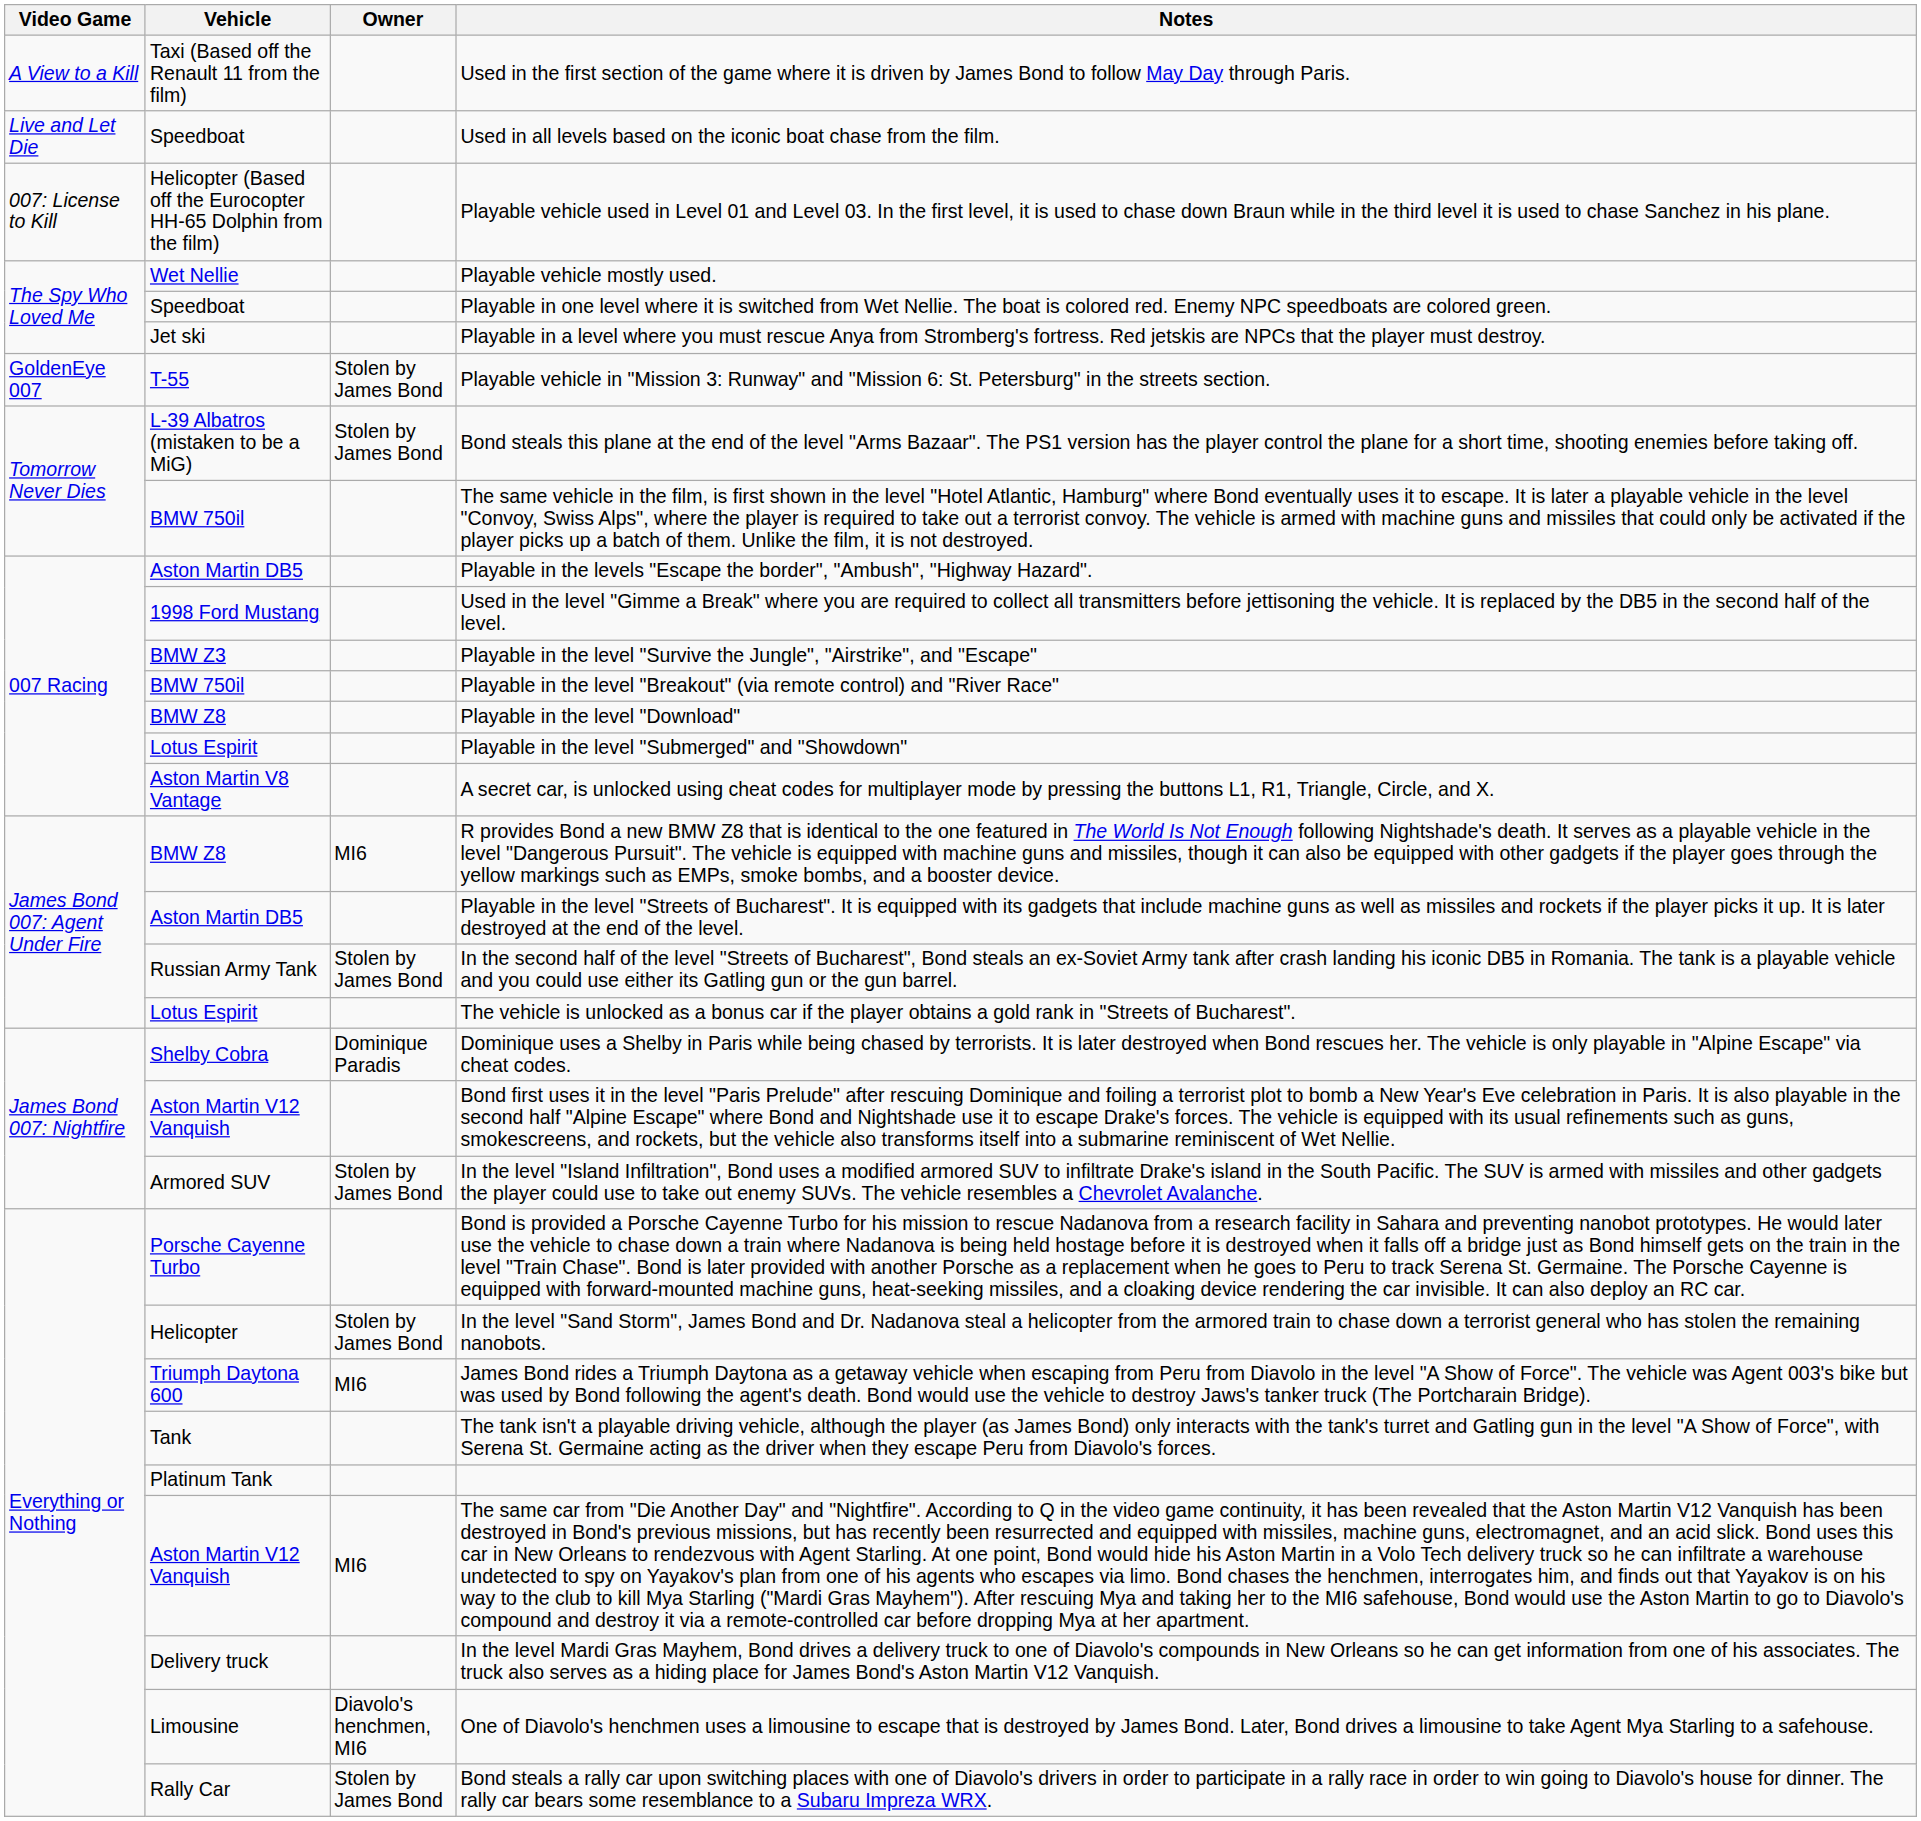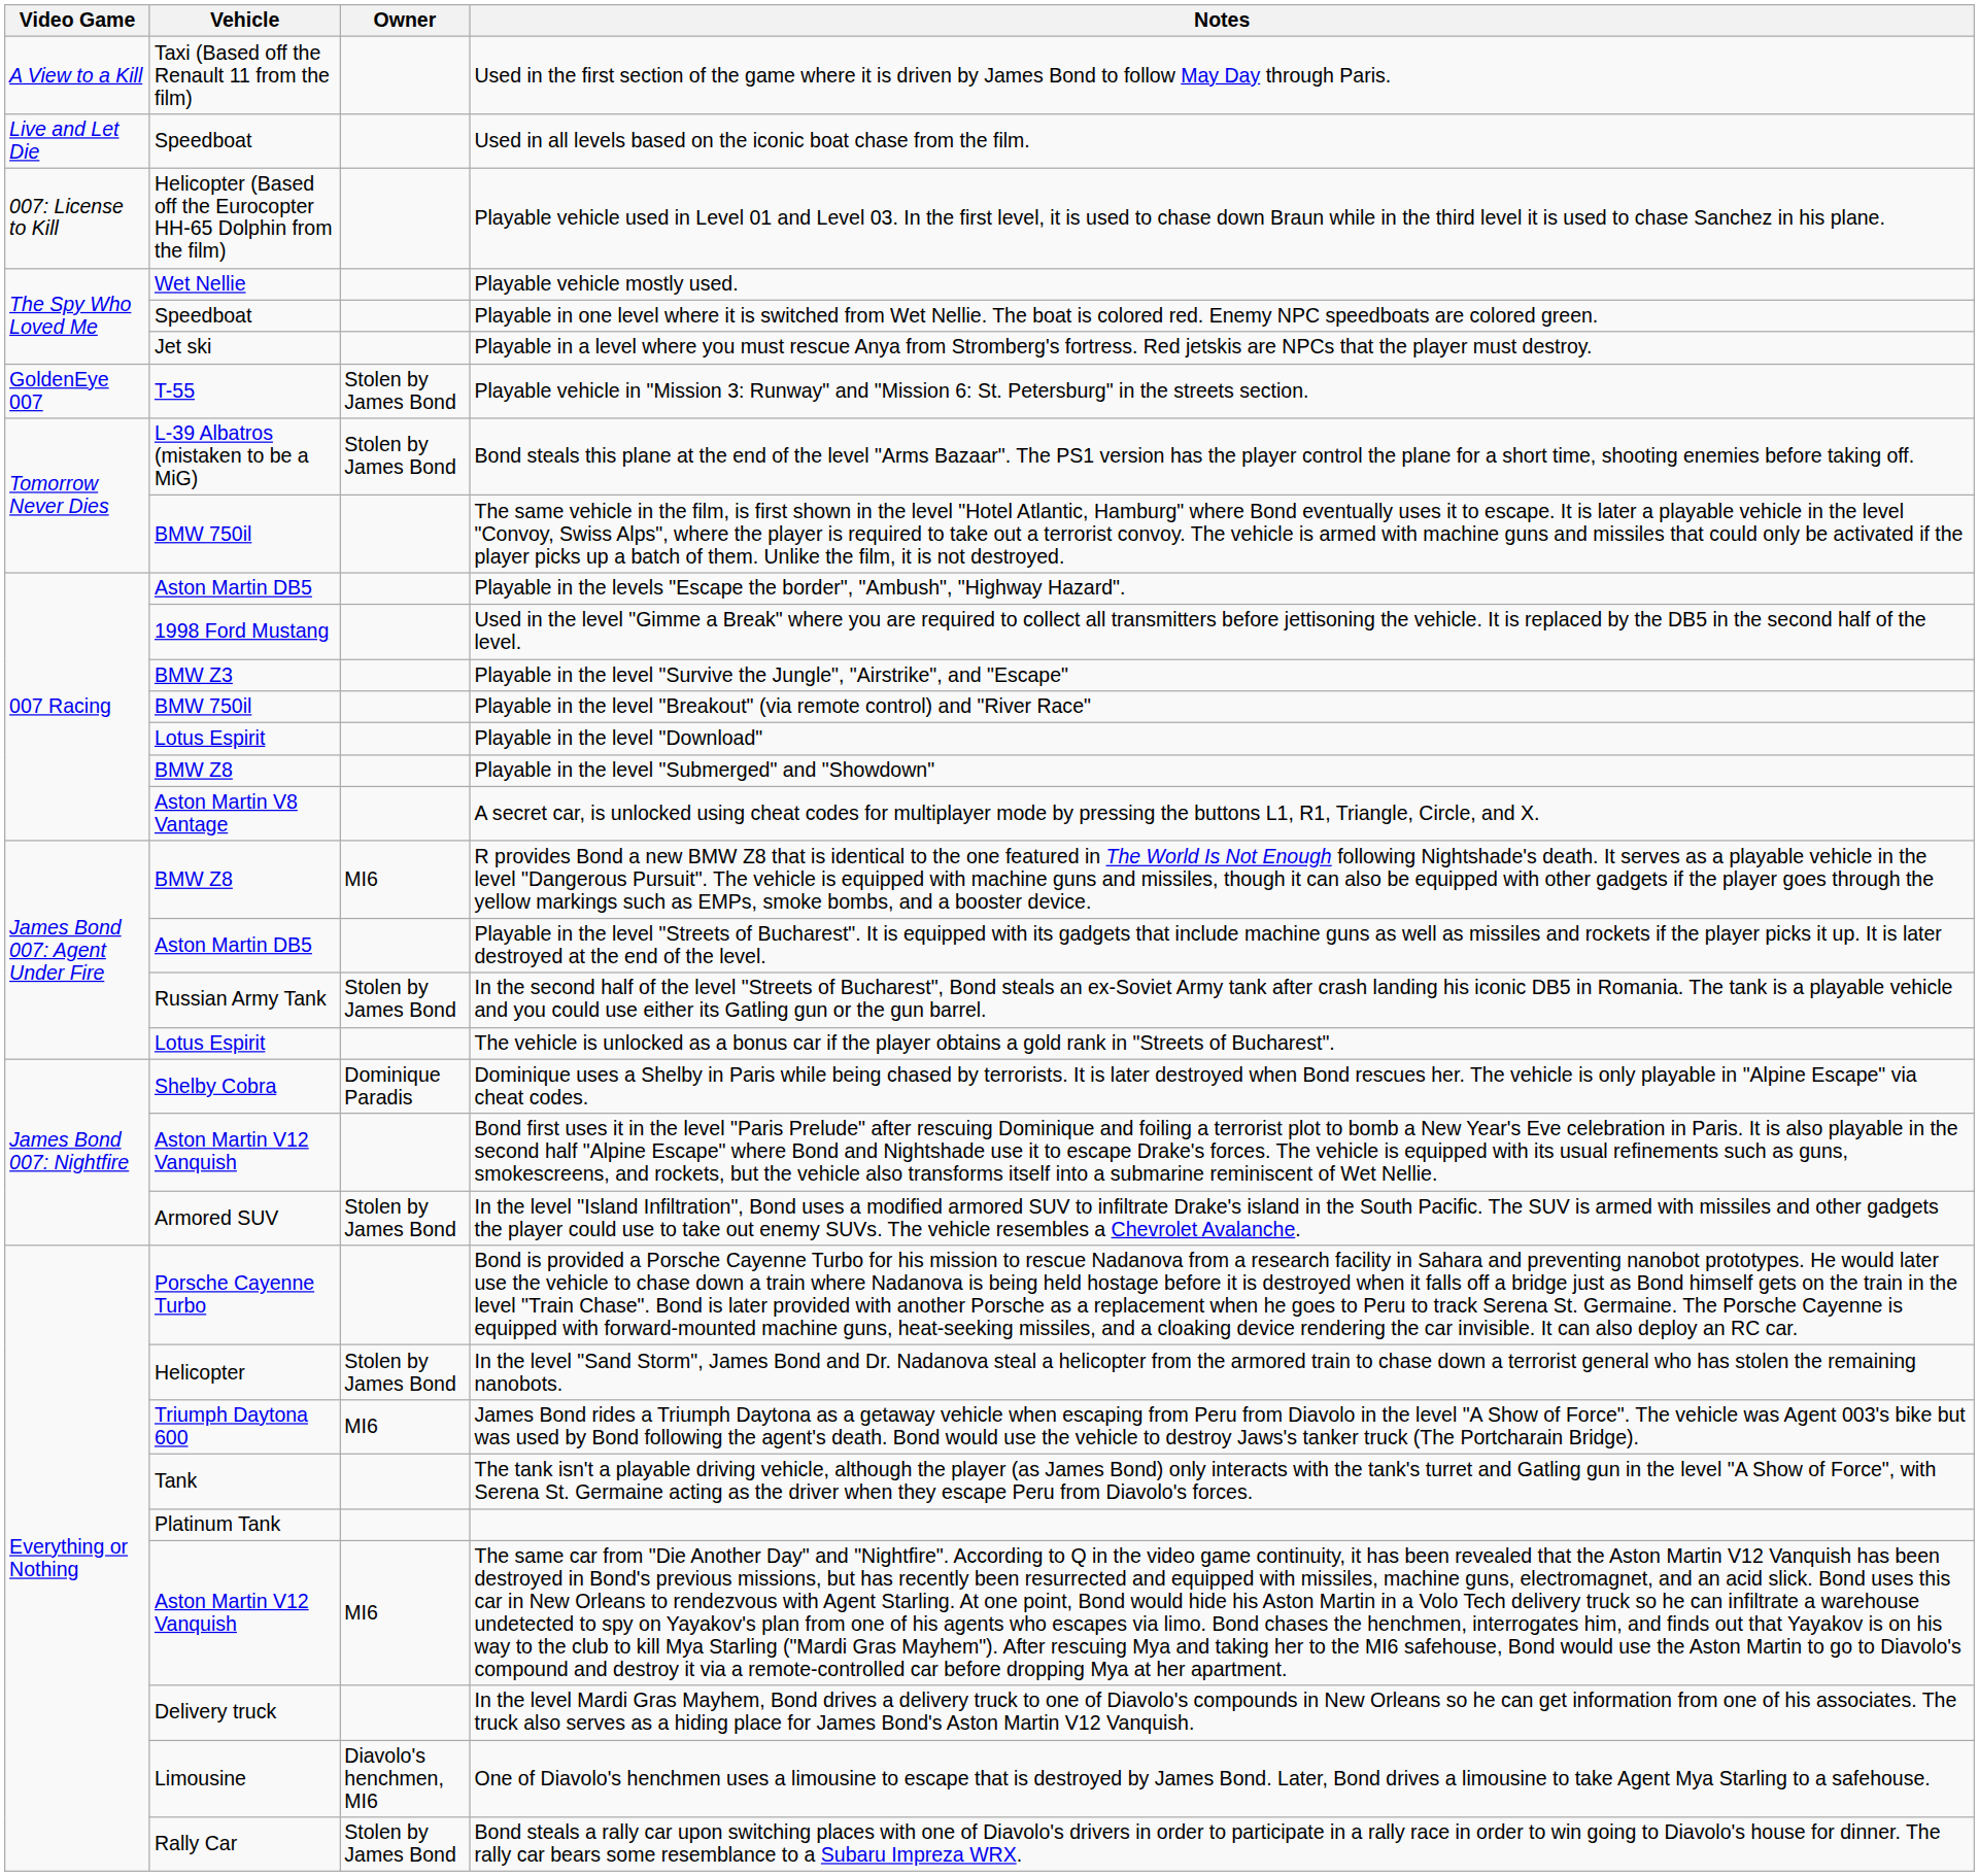 <table class="wikitable sortable">
 <tr>
 <th>Video Game</th>
 <th>Vehicle</th>
 <th>Owner</th>
 <th>Notes</th>
 </tr>
 <tr>
 <td><em><a href='#'>A View to a Kill</a></em></td>
 <td>Taxi (Based off the Renault 11 from the film)</td>
 <td></td>
 <td>Used in the first section of the game where it is driven by James Bond to follow <a href='#'>May Day</a> through Paris.</td>
 </tr>
 <tr>
 <td><em><a href='#'>Live and Let Die</a></em></td>
 <td>Speedboat</td>
 <td></td>
 <td>Used in all levels based on the iconic boat chase from the film.</td>
 </tr>
 <tr>
 <td><em>007: License to Kill</em></td>
 <td>Helicopter (Based off the Eurocopter HH-65 Dolphin from the film)</td>
 <td></td>
 <td>Playable vehicle used in Level 01 and Level 03. In the first level, it is used to chase down Braun while in the third level it is used to chase Sanchez in his plane.</td>
 </tr>
 <tr>
 <td rowspan="3"><em><a href='#'>The Spy Who Loved Me</a></em></td>
 <td><a href='#'>Wet Nellie</a></td>
 <td></td>
 <td>Playable vehicle mostly used.</td>
 </tr>
 <tr>
 <td>Speedboat</td>
 <td></td>
 <td>Playable in one level where it is switched from Wet Nellie. The boat is colored red. Enemy NPC speedboats are colored green.</td>
 </tr>
 <tr>
 <td>Jet ski</td>
 <td></td>
 <td>Playable in a level where you must rescue Anya from Stromberg's fortress. Red jetskis are NPCs that the player must destroy.</td>
 </tr>
 <tr>
 <td><a href='#'>GoldenEye 007</a></td>
 <td><a href='#'>T-55</a></td>
 <td>Stolen by James Bond</td>
 <td>Playable vehicle in "Mission 3: Runway" and "Mission 6: St. Petersburg" in the streets section.</td>
 </tr>
 <tr>
 <td rowspan="2"><em><a href='#'>Tomorrow Never Dies</a></em></td>
 <td><a href='#'>L-39 Albatros</a> (mistaken to be a MiG)</td>
 <td>Stolen by James Bond</td>
 <td>Bond steals this plane at the end of the level "Arms Bazaar". The PS1 version has the player control the plane for a short time, shooting enemies before taking off.</td>
 </tr>
 <tr>
 <td><a href='#'>BMW 750il</a></td>
 <td></td>
 <td>The same vehicle in the film, is first shown in the level "Hotel Atlantic, Hamburg" where Bond eventually uses it to escape. It is later a playable vehicle in the level "Convoy, Swiss Alps", where the player is required to take out a terrorist convoy. The vehicle is armed with machine guns and missiles that could only be activated if the player picks up a batch of them. Unlike the film, it is not destroyed.</td>
 </tr>
 <tr>
 <td rowspan="7"><a href='#'>007 Racing</a></td>
 <td><a href='#'>Aston Martin DB5</a></td>
 <td></td>
 <td>Playable in the levels "Escape the border", "Ambush", "Highway Hazard".</td>
 </tr>
 <tr>
 <td><a href='#'>1998 Ford Mustang</a></td>
 <td></td>
 <td>Used in the level "Gimme a Break" where you are required to collect all transmitters before jettisoning the vehicle. It is replaced by the DB5 in the second half of the level.</td>
 </tr>
 <tr>
 <td><a href='#'>BMW Z3</a></td>
 <td></td>
 <td>Playable in the level "Survive the Jungle", "Airstrike", and "Escape"</td>
 </tr>
 <tr>
 <td><a href='#'>BMW 750il</a></td>
 <td></td>
 <td>Playable in the level "Breakout" (via remote control) and "River Race"</td>
 </tr>
 <tr>
-<td><a href='#'>BMW Z8</a></td>
+<td><a href='#'>Lotus Espirit</a></td>
 <td></td>
 <td>Playable in the level "Download"</td>
 </tr>
 <tr>
-<td><a href='#'>Lotus Espirit</a></td>
+<td><a href='#'>BMW Z8</a></td>
 <td></td>
 <td>Playable in the level "Submerged" and "Showdown"</td>
 </tr>
 <tr>
 <td><a href='#'>Aston Martin V8 Vantage</a></td>
 <td></td>
 <td>A secret car, is unlocked using cheat codes for multiplayer mode by pressing the buttons L1, R1, Triangle, Circle, and X.</td>
 </tr>
 <tr>
 <td rowspan="4"><em><a href='#'>James Bond 007: Agent Under Fire</a></em></td>
 <td><a href='#'>BMW Z8</a></td>
 <td>MI6</td>
 <td>R provides Bond a new BMW Z8 that is identical to the one featured in <em><a href='#'>The World Is Not Enough</a></em> following Nightshade's death. It serves as a playable vehicle in the level "Dangerous Pursuit". The vehicle is equipped with machine guns and missiles, though it can also be equipped with other gadgets if the player goes through the yellow markings such as EMPs, smoke bombs, and a booster device.</td>
 </tr>
 <tr>
 <td><a href='#'>Aston Martin DB5</a></td>
 <td></td>
 <td>Playable in the level "Streets of Bucharest". It is equipped with its gadgets that include machine guns as well as missiles and rockets if the player picks it up. It is later destroyed at the end of the level.</td>
 </tr>
 <tr>
 <td>Russian Army Tank</td>
 <td>Stolen by James Bond</td>
 <td>In the second half of the level "Streets of Bucharest", Bond steals an ex-Soviet Army tank after crash landing his iconic DB5 in Romania. The tank is a playable vehicle and you could use either its Gatling gun or the gun barrel.</td>
 </tr>
 <tr>
 <td><a href='#'>Lotus Espirit</a></td>
 <td></td>
 <td>The vehicle is unlocked as a bonus car if the player obtains a gold rank in "Streets of Bucharest".</td>
 </tr>
 <tr>
 <td rowspan="3"><em><a href='#'>James Bond 007: Nightfire</a></em></td>
 <td><a href='#'>Shelby Cobra</a></td>
 <td>Dominique Paradis</td>
 <td>Dominique uses a Shelby in Paris while being chased by terrorists. It is later destroyed when Bond rescues her. The vehicle is only playable in "Alpine Escape" via cheat codes.</td>
 </tr>
 <tr>
 <td><a href='#'>Aston Martin V12 Vanquish</a></td>
 <td></td>
 <td>Bond first uses it in the level "Paris Prelude" after rescuing Dominique and foiling a terrorist plot to bomb a New Year's Eve celebration in Paris. It is also playable in the second half "Alpine Escape" where Bond and Nightshade use it to escape Drake's forces. The vehicle is equipped with its usual refinements such as guns, smokescreens, and rockets, but the vehicle also transforms itself into a submarine reminiscent of Wet Nellie.</td>
 </tr>
 <tr>
 <td>Armored SUV</td>
 <td>Stolen by James Bond</td>
 <td>In the level "Island Infiltration", Bond uses a modified armored SUV to infiltrate Drake's island in the South Pacific. The SUV is armed with missiles and other gadgets the player could use to take out enemy SUVs. The vehicle resembles a <a href='#'>Chevrolet Avalanche</a>.</td>
 </tr>
 <tr>
 <td rowspan="9"><a href='#'>Everything or Nothing</a></td>
 <td><a href='#'>Porsche Cayenne Turbo</a></td>
 <td></td>
 <td>Bond is provided a Porsche Cayenne Turbo for his mission to rescue Nadanova from a research facility in Sahara and preventing nanobot prototypes. He would later use the vehicle to chase down a train where Nadanova is being held hostage before it is destroyed when it falls off a bridge just as Bond himself gets on the train in the level "Train Chase". Bond is later provided with another Porsche as a replacement when he goes to Peru to track Serena St. Germaine. The Porsche Cayenne is equipped with forward-mounted machine guns, heat-seeking missiles, and a cloaking device rendering the car invisible. It can also deploy an RC car.</td>
 </tr>
 <tr>
 <td>Helicopter</td>
 <td>Stolen by James Bond</td>
 <td>In the level "Sand Storm", James Bond and Dr. Nadanova steal a helicopter from the armored train to chase down a terrorist general who has stolen the remaining nanobots.</td>
 </tr>
 <tr>
 <td><a href='#'>Triumph Daytona 600</a></td>
 <td>MI6</td>
 <td>James Bond rides a Triumph Daytona as a getaway vehicle when escaping from Peru from Diavolo in the level "A Show of Force". The vehicle was Agent 003's bike but was used by Bond following the agent's death. Bond would use the vehicle to destroy Jaws's tanker truck (The Portcharain Bridge).</td>
 </tr>
 <tr>
 <td>Tank</td>
 <td></td>
 <td>The tank isn't a playable driving vehicle, although the player (as James Bond) only interacts with the tank's turret and Gatling gun in the level "A Show of Force", with Serena St. Germaine acting as the driver when they escape Peru from Diavolo's forces.</td>
 </tr>
 <tr>
 <td>Platinum Tank</td>
 <td></td>
 <td></td>
 </tr>
 <tr>
 <td><a href='#'>Aston Martin V12 Vanquish</a></td>
 <td>MI6</td>
 <td>The same car from "Die Another Day" and "Nightfire". According to Q in the video game continuity, it has been revealed that the Aston Martin V12 Vanquish has been destroyed in Bond's previous missions, but has recently been resurrected and equipped with missiles, machine guns, electromagnet, and an acid slick. Bond uses this car in New Orleans to rendezvous with Agent Starling. At one point, Bond would hide his Aston Martin in a Volo Tech delivery truck so he can infiltrate a warehouse undetected to spy on Yayakov's plan from one of his agents who escapes via limo. Bond chases the henchmen, interrogates him, and finds out that Yayakov is on his way to the club to kill Mya Starling ("Mardi Gras Mayhem"). After rescuing Mya and taking her to the MI6 safehouse, Bond would use the Aston Martin to go to Diavolo's compound and destroy it via a remote-controlled car before dropping Mya at her apartment.</td>
 </tr>
 <tr>
 <td>Delivery truck</td>
 <td></td>
 <td>In the level Mardi Gras Mayhem, Bond drives a delivery truck to one of Diavolo's compounds in New Orleans so he can get information from one of his associates. The truck also serves as a hiding place for James Bond's Aston Martin V12 Vanquish.</td>
 </tr>
 <tr>
 <td>Limousine</td>
 <td>Diavolo's henchmen, MI6</td>
 <td>One of Diavolo's henchmen uses a limousine to escape that is destroyed by James Bond. Later, Bond drives a limousine to take Agent Mya Starling to a safehouse.</td>
 </tr>
 <tr>
 <td>Rally Car</td>
 <td>Stolen by James Bond</td>
 <td>Bond steals a rally car upon switching places with one of Diavolo's drivers in order to participate in a rally race in order to win going to Diavolo's house for dinner. The rally car bears some resemblance to a <a href='#'>Subaru Impreza WRX</a>.</td>
 </tr>
 </table>
